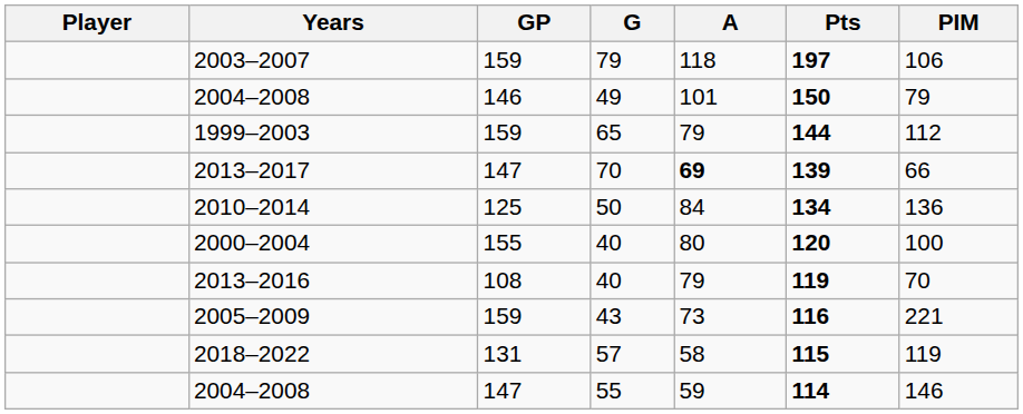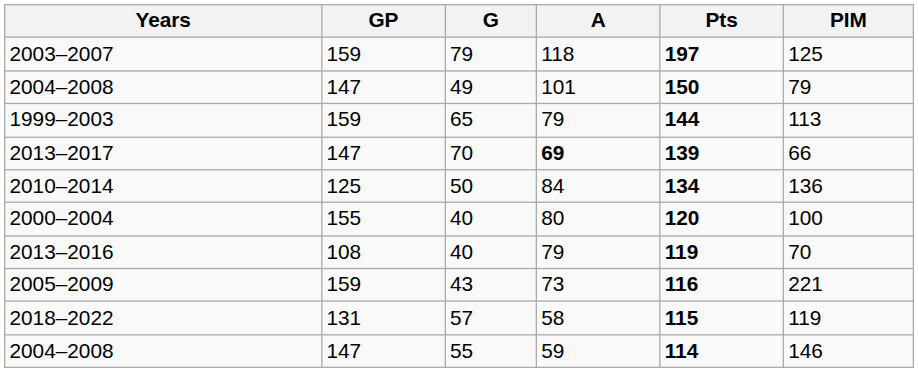 <table class="wikitable sortable" width ="700" cellpadding="1" border="1" cellspacing="0">
 <tr>
-<th>Player</th>
 <th>Years</th>
 <th>GP</th>
 <th>G</th>
 <th>A</th>
 <th>Pts</th>
 <th>PIM</th>
 </tr>
 <tr>
-<td></td>
 <td>2003–2007</td>
 <td>159</td>
 <td>79</td>
 <td>118</td>
 <td><strong>197</strong></td>
-<td>106</td>
+<td>125</td>
 </tr>
 <tr>
-<td></td>
 <td>2004–2008</td>
-<td>146</td>
+<td>147</td>
 <td>49</td>
 <td>101</td>
 <td><strong>150</strong></td>
 <td>79</td>
 </tr>
 <tr>
-<td></td>
 <td>1999–2003</td>
 <td>159</td>
 <td>65</td>
 <td>79</td>
 <td><strong>144</strong></td>
-<td>112</td>
+<td>113</td>
 </tr>
 <tr>
-<td></td>
 <td>2013–2017</td>
 <td>147</td>
 <td>70</td>
 <td><strong>69</strong></td>
 <td><strong>139</strong></td>
 <td>66</td>
 </tr>
 <tr>
-<td></td>
 <td>2010–2014</td>
 <td>125</td>
 <td>50</td>
 <td>84</td>
 <td><strong>134</strong></td>
 <td>136</td>
 </tr>
 <tr>
-<td></td>
 <td>2000–2004</td>
 <td>155</td>
 <td>40</td>
 <td>80</td>
 <td><strong>120</strong></td>
 <td>100</td>
 </tr>
 <tr>
-<td></td>
 <td>2013–2016</td>
 <td>108</td>
 <td>40</td>
 <td>79</td>
 <td><strong>119</strong></td>
 <td>70</td>
 </tr>
 <tr>
-<td></td>
 <td>2005–2009</td>
 <td>159</td>
 <td>43</td>
 <td>73</td>
 <td><strong>116</strong></td>
 <td>221</td>
 </tr>
 <tr>
-<td></td>
 <td>2018–2022</td>
 <td>131</td>
 <td>57</td>
 <td>58</td>
 <td><strong>115</strong></td>
 <td>119</td>
 </tr>
 <tr>
-<td></td>
 <td>2004–2008</td>
 <td>147</td>
 <td>55</td>
 <td>59</td>
 <td><strong>114</strong></td>
 <td>146</td>
 </tr>
 </table>
